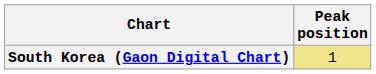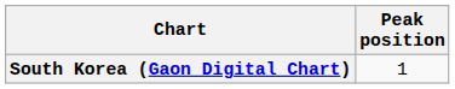 <table class="wikitable sortable plainrowheaders">
 <tr>
 <th>Chart</th>
 <th>Peak<br>position</th>
 </tr>
 <tr>
 <th scope="row">South Korea (<a href='#'>Gaon Digital Chart</a>)</th>
-<td align="center" style="background: khaki;">1</td>
+<td align="center">1</td>
 </tr>
 </table>
